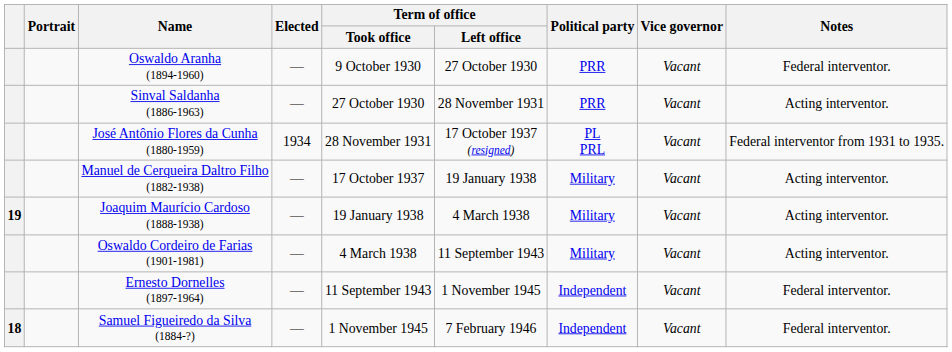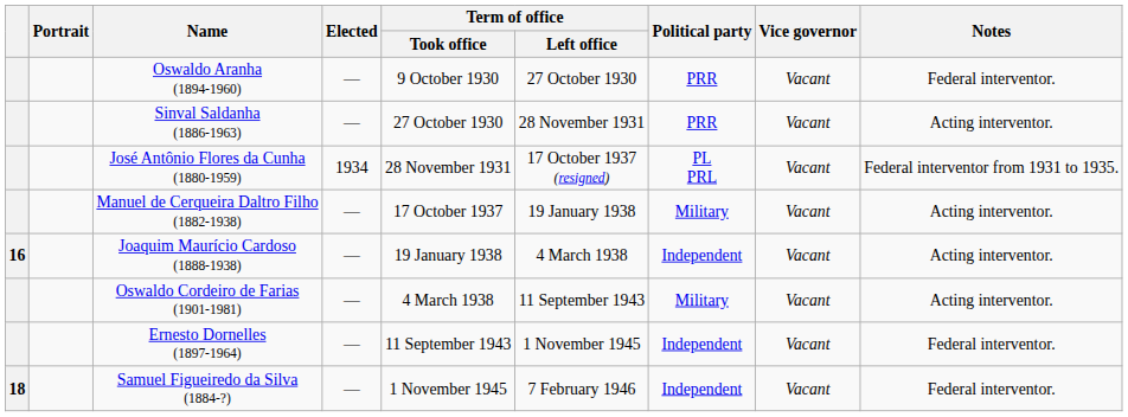 <table class="wikitable" style="text-align:center;">
 <tr>
 <th rowspan="2"></th>
 <th rowspan="2">Portrait</th>
 <th rowspan="2">Name</th>
 <th rowspan="2">Elected</th>
 <th colspan="2">Term of office</th>
 <th rowspan="2">Political party</th>
 <th rowspan="2">Vice governor</th>
 <th rowspan="2">Notes</th>
 </tr>
 <tr>
 <th>Took office</th>
 <th>Left office</th>
 </tr>
 <tr>
 <th style="background:"></th>
 <td></td>
 <td><a href='#'>Oswaldo Aranha</a><br><small>(1894-1960)</small></td>
 <td>—</td>
 <td>9 October 1930</td>
 <td>27 October 1930</td>
 <td><a href='#'>PRR</a></td>
 <td><em>Vacant</em></td>
 <td>Federal interventor.</td>
 </tr>
 <tr>
 <th style="background:"></th>
 <td></td>
 <td><a href='#'>Sinval Saldanha</a><br><small>(1886-1963)</small></td>
 <td>—</td>
 <td>27 October 1930</td>
 <td>28 November 1931</td>
 <td><a href='#'>PRR</a></td>
 <td><em>Vacant</em></td>
 <td>Acting interventor.</td>
 </tr>
 <tr>
 <th style="background:"></th>
 <td></td>
 <td><a href='#'>José Antônio Flores da Cunha</a><br><small>(1880-1959)</small></td>
 <td>1934</td>
 <td>28 November 1931</td>
 <td>17 October 1937<br><small><em>(<a href='#'>resigned</a>)</em></small></td>
 <td><a href='#'>PL</a><br><a href='#'>PRL</a></td>
 <td><em>Vacant</em></td>
 <td>Federal interventor from 1931 to 1935.</td>
 </tr>
 <tr>
 <th style="background:"></th>
 <td></td>
 <td><a href='#'>Manuel de Cerqueira Daltro Filho</a><br><small>(1882-1938)</small></td>
 <td>—</td>
 <td>17 October 1937</td>
 <td>19 January 1938</td>
 <td><a href='#'>Military</a></td>
 <td><em>Vacant</em></td>
 <td>Acting interventor.</td>
 </tr>
 <tr>
-<th style="background:">19</th>
+<th style="background:">16</th>
 <td></td>
 <td><a href='#'>Joaquim Maurício Cardoso</a><br><small>(1888-1938)</small></td>
 <td>—</td>
 <td>19 January 1938</td>
 <td>4 March 1938</td>
-<td><a href='#'>Military</a></td>
+<td><a href='#'>Independent</a></td>
 <td><em>Vacant</em></td>
 <td>Acting interventor.</td>
 </tr>
 <tr>
 <th style="background:"></th>
 <td></td>
 <td><a href='#'>Oswaldo Cordeiro de Farias</a><br><small>(1901-1981)</small></td>
 <td>—</td>
 <td>4 March 1938</td>
 <td>11 September 1943</td>
 <td><a href='#'>Military</a></td>
 <td><em>Vacant</em></td>
 <td>Acting interventor.</td>
 </tr>
 <tr>
 <th style="background:"></th>
 <td></td>
 <td><a href='#'>Ernesto Dornelles</a><br><small>(1897-1964)</small></td>
 <td>—</td>
 <td>11 September 1943</td>
 <td>1 November 1945</td>
 <td><a href='#'>Independent</a></td>
 <td><em>Vacant</em></td>
 <td>Federal interventor.</td>
 </tr>
 <tr>
 <th style="background:">18</th>
 <td></td>
 <td><a href='#'>Samuel Figueiredo da Silva</a><br><small>(1884-?)</small></td>
 <td>—</td>
 <td>1 November 1945</td>
 <td>7 February 1946</td>
 <td><a href='#'>Independent</a></td>
 <td><em>Vacant</em></td>
 <td>Federal interventor.</td>
 </tr>
 </table>
